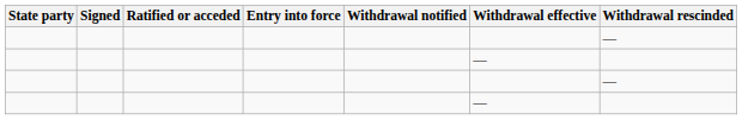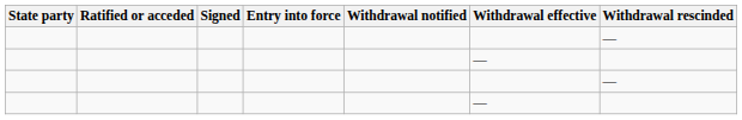 <table class="wikitable sortable">
 <tr>
 <th>State party</th>
+<th>Ratified or acceded</th>
 <th>Signed</th>
-<th>Ratified or acceded</th>
 <th>Entry into force</th>
 <th>Withdrawal notified</th>
 <th>Withdrawal effective</th>
 <th>Withdrawal rescinded</th>
 </tr>
 <tr>
 <td></td>
 <td></td>
 <td></td>
 <td></td>
 <td></td>
 <td></td>
 <td>—</td>
 </tr>
 <tr>
 <td></td>
 <td></td>
 <td></td>
 <td></td>
 <td></td>
 <td>—</td>
 <td></td>
 </tr>
 <tr>
 <td></td>
 <td></td>
 <td></td>
 <td></td>
 <td></td>
 <td></td>
 <td>—</td>
 </tr>
 <tr>
 <td></td>
 <td></td>
 <td></td>
 <td></td>
 <td></td>
 <td>—</td>
 <td></td>
 </tr>
 </table>
